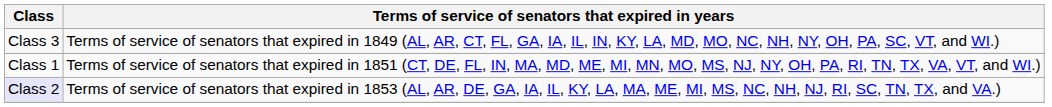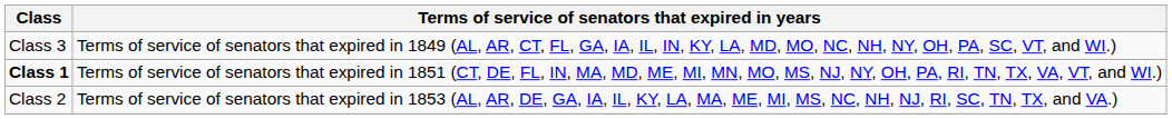 <table class="wikitable sortable">
 <tr valign=bottom>
 <th>Class</th>
 <th>Terms of service of senators that expired in years</th>
 </tr>
 <tr>
 <td>Class 3</td>
 <td>Terms of service of senators that expired in 1849 (<a href='#'>AL</a>, <a href='#'>AR</a>, <a href='#'>CT</a>, <a href='#'>FL</a>, <a href='#'>GA</a>, <a href='#'>IA</a>, <a href='#'>IL</a>, <a href='#'>IN</a>, <a href='#'>KY</a>, <a href='#'>LA</a>, <a href='#'>MD</a>, <a href='#'>MO</a>, <a href='#'>NC</a>, <a href='#'>NH</a>, <a href='#'>NY</a>, <a href='#'>OH</a>, <a href='#'>PA</a>, <a href='#'>SC</a>, <a href='#'>VT</a>, and <a href='#'>WI</a>.)</td>
 </tr>
 <tr>
 </tr>
 <tr>
-<td>Class 1</td>
+<td><strong>Class 1</strong></td>
 <td>Terms of service of senators that expired in 1851 (<a href='#'>CT</a>, <a href='#'>DE</a>, <a href='#'>FL</a>, <a href='#'>IN</a>, <a href='#'>MA</a>, <a href='#'>MD</a>, <a href='#'>ME</a>,  <a href='#'>MI</a>, <a href='#'>MN</a>, <a href='#'>MO</a>, <a href='#'>MS</a>, <a href='#'>NJ</a>, <a href='#'>NY</a>, <a href='#'>OH</a>, <a href='#'>PA</a>, <a href='#'>RI</a>, <a href='#'>TN</a>, <a href='#'>TX</a>, <a href='#'>VA</a>, <a href='#'>VT</a>, and <a href='#'>WI</a>.)</td>
 </tr>
 <tr>
-<td style="background: lavender;">Class 2</td>
+<td>Class 2</td>
 <td>Terms of service of senators that expired in 1853 (<a href='#'>AL</a>, <a href='#'>AR</a>, <a href='#'>DE</a>, <a href='#'>GA</a>, <a href='#'>IA</a>, <a href='#'>IL</a>, <a href='#'>KY</a>, <a href='#'>LA</a>, <a href='#'>MA</a>, <a href='#'>ME</a>, <a href='#'>MI</a>, <a href='#'>MS</a>, <a href='#'>NC</a>, <a href='#'>NH</a>, <a href='#'>NJ</a>, <a href='#'>RI</a>, <a href='#'>SC</a>, <a href='#'>TN</a>, <a href='#'>TX</a>, and <a href='#'>VA</a>.)</td>
 </tr>
 <tr>
 </tr>
 </table>
